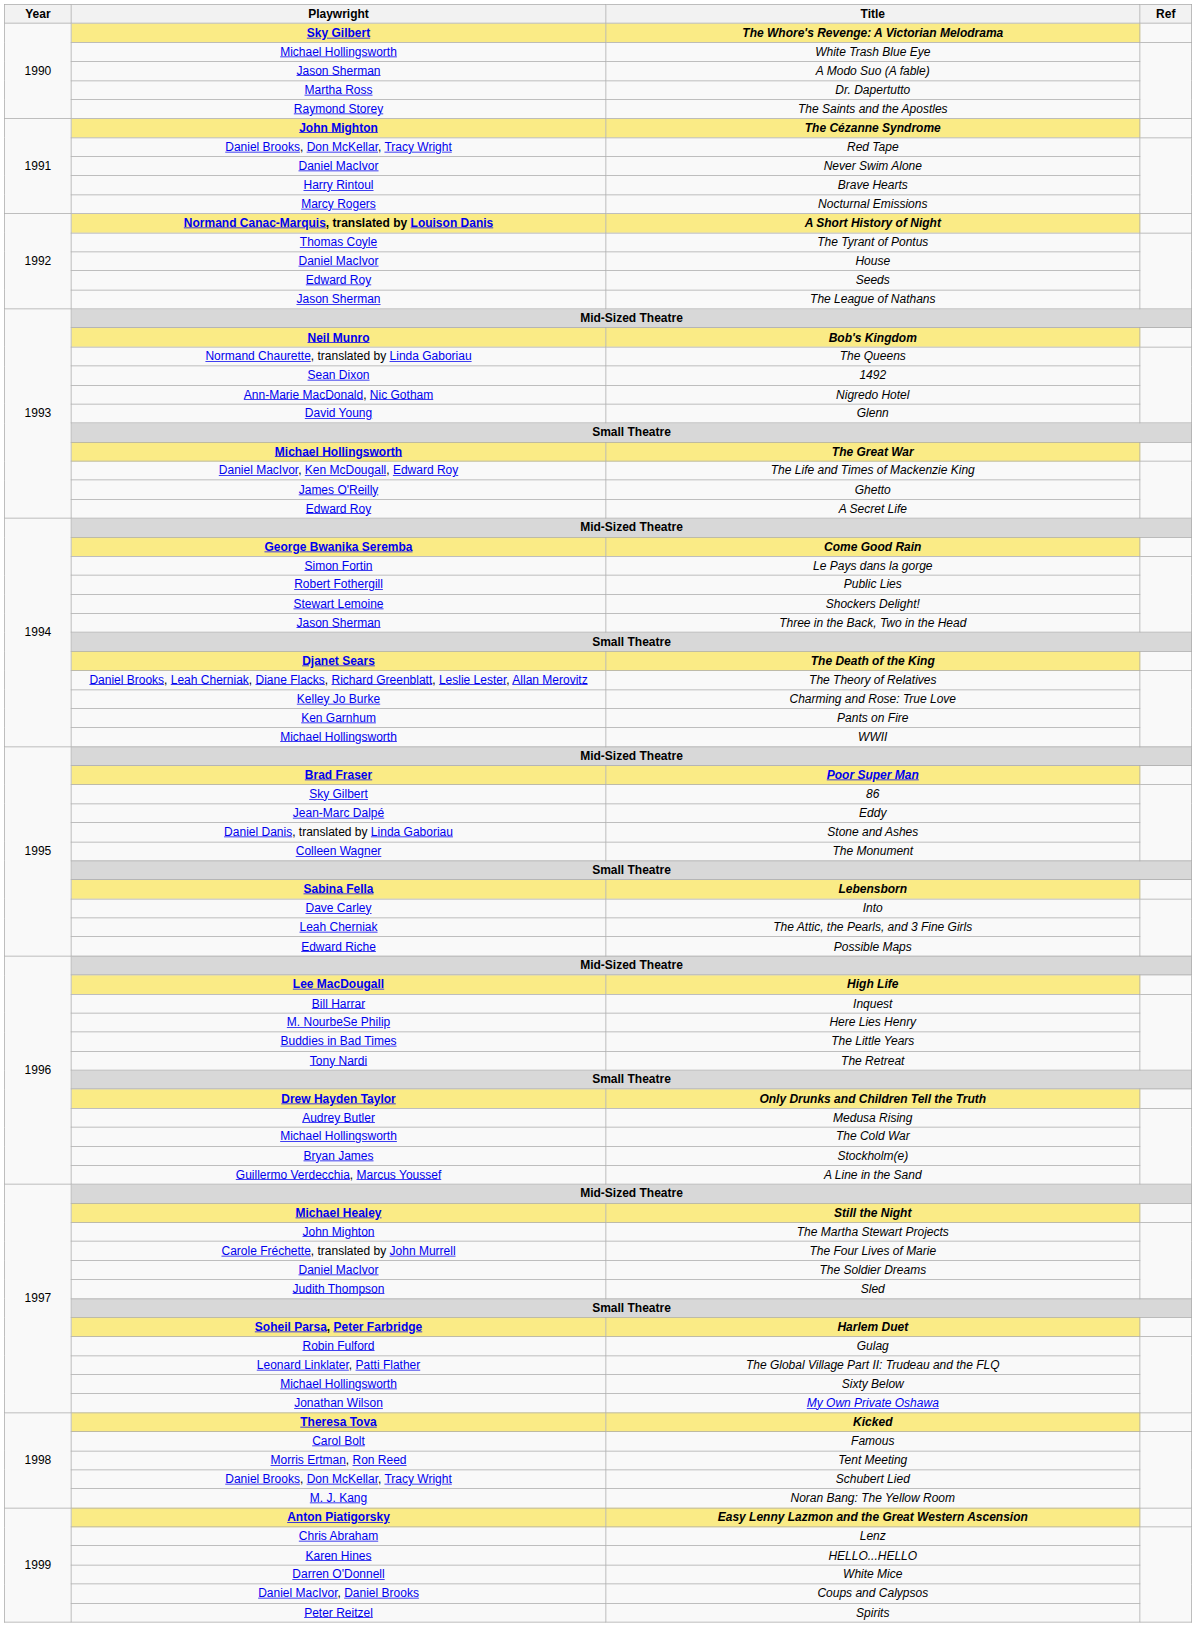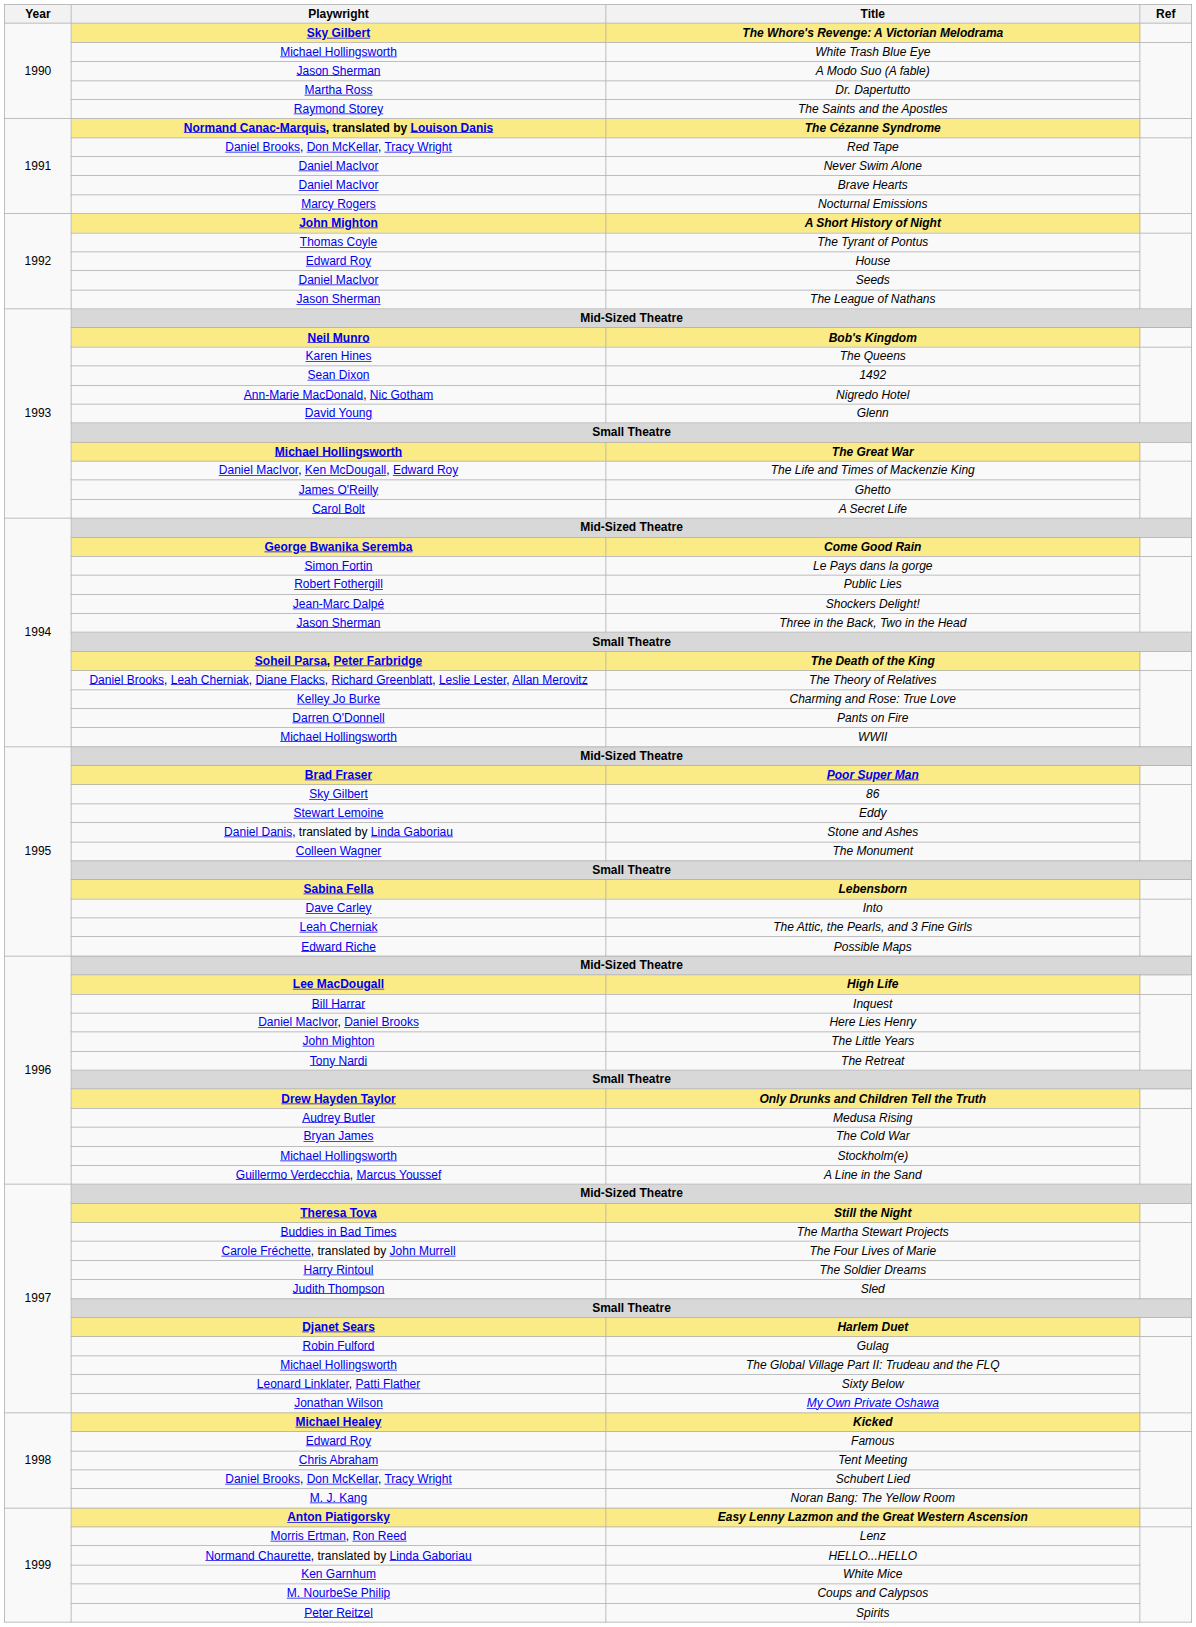 <table class="wikitable" width="100%" style="text-align:center;">
 <tr>
 <th>Year</th>
 <th width="45%">Playwright</th>
 <th width="45%">Title</th>
 <th>Ref</th>
 </tr>
 <tr>
 <td rowspan=5>1990</td>
 <td style="background:#FAEB86"><strong><a href='#'>Sky Gilbert</a></strong></td>
 <td style="background:#FAEB86"><strong><em>The Whore's Revenge: A Victorian Melodrama</em></strong></td>
 <td></td>
 </tr>
 <tr>
 <td><a href='#'>Michael Hollingsworth</a></td>
 <td><em>White Trash Blue Eye</em></td>
 <td rowspan=4></td>
 </tr>
 <tr>
 <td><a href='#'>Jason Sherman</a></td>
 <td><em>A Modo Suo (A fable)</em></td>
 </tr>
 <tr>
 <td><a href='#'>Martha Ross</a></td>
 <td><em>Dr. Dapertutto</em></td>
 </tr>
 <tr>
 <td><a href='#'>Raymond Storey</a></td>
 <td><em>The Saints and the Apostles</em></td>
 </tr>
 <tr>
 <td rowspan=5>1991</td>
-<td style="background:#FAEB86"><strong><a href='#'>John Mighton</a></strong></td>
+<td style="background:#FAEB86"><strong><a href='#'>Normand Canac-Marquis</a>, translated by <a href='#'>Louison Danis</a></strong></td>
 <td style="background:#FAEB86"><strong><em>The Cézanne Syndrome</em></strong></td>
 <td></td>
 </tr>
 <tr>
 <td><a href='#'>Daniel Brooks</a>, <a href='#'>Don McKellar</a>, <a href='#'>Tracy Wright</a></td>
 <td><em>Red Tape</em></td>
 <td rowspan=4></td>
 </tr>
 <tr>
 <td><a href='#'>Daniel MacIvor</a></td>
 <td><em>Never Swim Alone</em></td>
 </tr>
 <tr>
-<td><a href='#'>Harry Rintoul</a></td>
+<td><a href='#'>Daniel MacIvor</a></td>
 <td><em>Brave Hearts</em></td>
 </tr>
 <tr>
 <td><a href='#'>Marcy Rogers</a></td>
 <td><em>Nocturnal Emissions</em></td>
 </tr>
 <tr>
 <td rowspan=5>1992</td>
-<td style="background:#FAEB86"><strong><a href='#'>Normand Canac-Marquis</a>, translated by <a href='#'>Louison Danis</a></strong></td>
+<td style="background:#FAEB86"><strong><a href='#'>John Mighton</a></strong></td>
 <td style="background:#FAEB86"><strong><em>A Short History of Night</em></strong></td>
 <td></td>
 </tr>
 <tr>
 <td><a href='#'>Thomas Coyle</a></td>
 <td><em>The Tyrant of Pontus</em></td>
 <td rowspan=4></td>
 </tr>
 <tr>
-<td><a href='#'>Daniel MacIvor</a></td>
+<td><a href='#'>Edward Roy</a></td>
 <td><em>House</em></td>
 </tr>
 <tr>
-<td><a href='#'>Edward Roy</a></td>
+<td><a href='#'>Daniel MacIvor</a></td>
 <td><em>Seeds</em></td>
 </tr>
 <tr>
 <td><a href='#'>Jason Sherman</a></td>
 <td><em>The League of Nathans</em></td>
 </tr>
 <tr>
 <td rowspan=11>1993</td>
 <td colspan=3 align=center style="background:#D8D8D8;"><strong>Mid-Sized Theatre</strong></td>
 </tr>
 <tr>
 <td style="background:#FAEB86"><strong><a href='#'>Neil Munro</a></strong></td>
 <td style="background:#FAEB86"><strong><em>Bob's Kingdom</em></strong></td>
 <td></td>
 </tr>
 <tr>
-<td><a href='#'>Normand Chaurette</a>, translated by <a href='#'>Linda Gaboriau</a></td>
+<td><a href='#'>Karen Hines</a></td>
 <td><em>The Queens</em></td>
 <td rowspan=4></td>
 </tr>
 <tr>
 <td><a href='#'>Sean Dixon</a></td>
 <td><em>1492</em></td>
 </tr>
 <tr>
 <td><a href='#'>Ann-Marie MacDonald</a>, <a href='#'>Nic Gotham</a></td>
 <td><em>Nigredo Hotel</em></td>
 </tr>
 <tr>
 <td><a href='#'>David Young</a></td>
 <td><em>Glenn</em></td>
 </tr>
 <tr>
 <td colspan=3 align=center style="background:#D8D8D8;"><strong>Small Theatre</strong></td>
 </tr>
 <tr>
 <td style="background:#FAEB86"><strong><a href='#'>Michael Hollingsworth</a></strong></td>
 <td style="background:#FAEB86"><strong><em>The Great War</em></strong></td>
 <td></td>
 </tr>
 <tr>
 <td><a href='#'>Daniel MacIvor</a>, <a href='#'>Ken McDougall</a>, <a href='#'>Edward Roy</a></td>
 <td><em>The Life and Times of Mackenzie King</em></td>
 <td rowspan=3></td>
 </tr>
 <tr>
 <td><a href='#'>James O'Reilly</a></td>
 <td><em>Ghetto</em></td>
 </tr>
 <tr>
-<td><a href='#'>Edward Roy</a></td>
+<td><a href='#'>Carol Bolt</a></td>
 <td><em>A Secret Life</em></td>
 </tr>
 <tr>
 <td rowspan=12>1994</td>
 <td colspan=3 align=center style="background:#D8D8D8;"><strong>Mid-Sized Theatre</strong></td>
 </tr>
 <tr>
 <td style="background:#FAEB86"><strong><a href='#'>George Bwanika Seremba</a></strong></td>
 <td style="background:#FAEB86"><strong><em>Come Good Rain</em></strong></td>
 <td></td>
 </tr>
 <tr>
 <td><a href='#'>Simon Fortin</a></td>
 <td><em>Le Pays dans la gorge</em></td>
 <td rowspan=4></td>
 </tr>
 <tr>
 <td><a href='#'>Robert Fothergill</a></td>
 <td><em>Public Lies</em></td>
 </tr>
 <tr>
-<td><a href='#'>Stewart Lemoine</a></td>
+<td><a href='#'>Jean-Marc Dalpé</a></td>
 <td><em>Shockers Delight!</em></td>
 </tr>
 <tr>
 <td><a href='#'>Jason Sherman</a></td>
 <td><em>Three in the Back, Two in the Head</em></td>
 </tr>
 <tr>
 <td colspan=3 align=center style="background:#D8D8D8;"><strong>Small Theatre</strong></td>
 </tr>
 <tr>
-<td style="background:#FAEB86"><strong><a href='#'>Djanet Sears</a></strong></td>
+<td style="background:#FAEB86"><strong><a href='#'>Soheil Parsa</a>, <a href='#'>Peter Farbridge</a></strong></td>
 <td style="background:#FAEB86"><strong><em>The Death of the King</em></strong></td>
 <td></td>
 </tr>
 <tr>
 <td><a href='#'>Daniel Brooks</a>, <a href='#'>Leah Cherniak</a>, <a href='#'>Diane Flacks</a>, <a href='#'>Richard Greenblatt</a>, <a href='#'>Leslie Lester</a>, <a href='#'>Allan Merovitz</a></td>
 <td><em>The Theory of Relatives</em></td>
 <td rowspan=4></td>
 </tr>
 <tr>
 <td><a href='#'>Kelley Jo Burke</a></td>
 <td><em>Charming and Rose: True Love</em></td>
 </tr>
 <tr>
-<td><a href='#'>Ken Garnhum</a></td>
+<td><a href='#'>Darren O'Donnell</a></td>
 <td><em>Pants on Fire</em></td>
 </tr>
 <tr>
 <td><a href='#'>Michael Hollingsworth</a></td>
 <td><em>WWII</em></td>
 </tr>
 <tr>
 <td rowspan=11>1995</td>
 <td colspan=3 align=center style="background:#D8D8D8;"><strong>Mid-Sized Theatre</strong></td>
 </tr>
 <tr>
 <td style="background:#FAEB86"><strong><a href='#'>Brad Fraser</a></strong></td>
 <td style="background:#FAEB86"><strong><em><a href='#'>Poor Super Man</a></em></strong></td>
 <td></td>
 </tr>
 <tr>
 <td><a href='#'>Sky Gilbert</a></td>
 <td><em>86</em></td>
 <td rowspan=4></td>
 </tr>
 <tr>
-<td><a href='#'>Jean-Marc Dalpé</a></td>
+<td><a href='#'>Stewart Lemoine</a></td>
 <td><em>Eddy</em></td>
 </tr>
 <tr>
 <td><a href='#'>Daniel Danis</a>, translated by <a href='#'>Linda Gaboriau</a></td>
 <td><em>Stone and Ashes</em></td>
 </tr>
 <tr>
 <td><a href='#'>Colleen Wagner</a></td>
 <td><em>The Monument</em></td>
 </tr>
 <tr>
 <td colspan=3 align=center style="background:#D8D8D8;"><strong>Small Theatre</strong></td>
 </tr>
 <tr>
 <td style="background:#FAEB86"><strong><a href='#'>Sabina Fella</a></strong></td>
 <td style="background:#FAEB86"><strong><em>Lebensborn</em></strong></td>
 <td></td>
 </tr>
 <tr>
 <td><a href='#'>Dave Carley</a></td>
 <td><em>Into</em></td>
 <td rowspan=3></td>
 </tr>
 <tr>
 <td><a href='#'>Leah Cherniak</a></td>
 <td><em>The Attic, the Pearls, and 3 Fine Girls</em></td>
 </tr>
 <tr>
 <td><a href='#'>Edward Riche</a></td>
 <td><em>Possible Maps</em></td>
 </tr>
 <tr>
 <td rowspan=12>1996</td>
 <td colspan=3 align=center style="background:#D8D8D8;"><strong>Mid-Sized Theatre</strong></td>
 </tr>
 <tr>
 <td style="background:#FAEB86"><strong><a href='#'>Lee MacDougall</a></strong></td>
 <td style="background:#FAEB86"><strong><em>High Life</em></strong></td>
 <td></td>
 </tr>
 <tr>
 <td><a href='#'>Bill Harrar</a></td>
 <td><em>Inquest</em></td>
 <td rowspan=4></td>
 </tr>
 <tr>
-<td><a href='#'>M. NourbeSe Philip</a></td>
+<td><a href='#'>Daniel MacIvor</a>, <a href='#'>Daniel Brooks</a></td>
 <td><em>Here Lies Henry</em></td>
 </tr>
 <tr>
-<td><a href='#'>Buddies in Bad Times</a></td>
+<td><a href='#'>John Mighton</a></td>
 <td><em>The Little Years</em></td>
 </tr>
 <tr>
 <td><a href='#'>Tony Nardi</a></td>
 <td><em>The Retreat</em></td>
 </tr>
 <tr>
 <td colspan=3 align=center style="background:#D8D8D8;"><strong>Small Theatre</strong></td>
 </tr>
 <tr>
 <td style="background:#FAEB86"><strong><a href='#'>Drew Hayden Taylor</a></strong></td>
 <td style="background:#FAEB86"><strong><em>Only Drunks and Children Tell the Truth</em></strong></td>
 <td></td>
 </tr>
 <tr>
 <td><a href='#'>Audrey Butler</a></td>
 <td><em>Medusa Rising</em></td>
 <td rowspan=4></td>
 </tr>
 <tr>
-<td><a href='#'>Michael Hollingsworth</a></td>
+<td><a href='#'>Bryan James</a></td>
 <td><em>The Cold War</em></td>
 </tr>
 <tr>
-<td><a href='#'>Bryan James</a></td>
+<td><a href='#'>Michael Hollingsworth</a></td>
 <td><em>Stockholm(e)</em></td>
 </tr>
 <tr>
 <td><a href='#'>Guillermo Verdecchia</a>, <a href='#'>Marcus Youssef</a></td>
 <td><em>A Line in the Sand</em></td>
 </tr>
 <tr>
 <td rowspan=12>1997</td>
 <td colspan=3 align=center style="background:#D8D8D8;"><strong>Mid-Sized Theatre</strong></td>
 </tr>
 <tr>
-<td style="background:#FAEB86"><strong><a href='#'>Michael Healey</a></strong></td>
+<td style="background:#FAEB86"><strong><a href='#'>Theresa Tova</a></strong></td>
 <td style="background:#FAEB86"><strong><em>Still the Night</em></strong></td>
 <td></td>
 </tr>
 <tr>
-<td><a href='#'>John Mighton</a></td>
+<td><a href='#'>Buddies in Bad Times</a></td>
 <td><em>The Martha Stewart Projects</em></td>
 <td rowspan=4></td>
 </tr>
 <tr>
 <td><a href='#'>Carole Fréchette</a>, translated by <a href='#'>John Murrell</a></td>
 <td><em>The Four Lives of Marie</em></td>
 </tr>
 <tr>
-<td><a href='#'>Daniel MacIvor</a></td>
+<td><a href='#'>Harry Rintoul</a></td>
 <td><em>The Soldier Dreams</em></td>
 </tr>
 <tr>
 <td><a href='#'>Judith Thompson</a></td>
 <td><em>Sled</em></td>
 </tr>
 <tr>
 <td colspan=3 align=center style="background:#D8D8D8;"><strong>Small Theatre</strong></td>
 </tr>
 <tr>
-<td style="background:#FAEB86"><strong><a href='#'>Soheil Parsa</a>, <a href='#'>Peter Farbridge</a></strong></td>
+<td style="background:#FAEB86"><strong><a href='#'>Djanet Sears</a></strong></td>
 <td style="background:#FAEB86"><strong><em>Harlem Duet</em></strong></td>
 <td></td>
 </tr>
 <tr>
 <td><a href='#'>Robin Fulford</a></td>
 <td><em>Gulag</em></td>
 <td rowspan=4></td>
 </tr>
 <tr>
-<td><a href='#'>Leonard Linklater</a>, <a href='#'>Patti Flather</a></td>
+<td><a href='#'>Michael Hollingsworth</a></td>
 <td><em>The Global Village Part II: Trudeau and the FLQ</em></td>
 </tr>
 <tr>
-<td><a href='#'>Michael Hollingsworth</a></td>
+<td><a href='#'>Leonard Linklater</a>, <a href='#'>Patti Flather</a></td>
 <td><em>Sixty Below</em></td>
 </tr>
 <tr>
 <td><a href='#'>Jonathan Wilson</a></td>
 <td><em><a href='#'>My Own Private Oshawa</a></em></td>
 </tr>
 <tr>
 <td rowspan=5>1998</td>
-<td style="background:#FAEB86"><strong><a href='#'>Theresa Tova</a></strong></td>
+<td style="background:#FAEB86"><strong><a href='#'>Michael Healey</a></strong></td>
 <td style="background:#FAEB86"><strong><em>Kicked</em></strong></td>
 <td></td>
 </tr>
 <tr>
-<td><a href='#'>Carol Bolt</a></td>
+<td><a href='#'>Edward Roy</a></td>
 <td><em>Famous</em></td>
 <td rowspan=4></td>
 </tr>
 <tr>
-<td><a href='#'>Morris Ertman</a>, <a href='#'>Ron Reed</a></td>
+<td><a href='#'>Chris Abraham</a></td>
 <td><em>Tent Meeting</em></td>
 </tr>
 <tr>
 <td><a href='#'>Daniel Brooks</a>, <a href='#'>Don McKellar</a>, <a href='#'>Tracy Wright</a></td>
 <td><em>Schubert Lied</em></td>
 </tr>
 <tr>
 <td><a href='#'>M. J. Kang</a></td>
 <td><em>Noran Bang: The Yellow Room</em></td>
 </tr>
 <tr>
 <td rowspan=6>1999</td>
 <td style="background:#FAEB86"><strong><a href='#'>Anton Piatigorsky</a></strong></td>
 <td style="background:#FAEB86"><strong><em>Easy Lenny Lazmon and the Great Western Ascension</em></strong></td>
 <td></td>
 </tr>
 <tr>
-<td><a href='#'>Chris Abraham</a></td>
+<td><a href='#'>Morris Ertman</a>, <a href='#'>Ron Reed</a></td>
 <td><em>Lenz</em></td>
 <td rowspan=5></td>
 </tr>
 <tr>
-<td><a href='#'>Karen Hines</a></td>
+<td><a href='#'>Normand Chaurette</a>, translated by <a href='#'>Linda Gaboriau</a></td>
 <td><em>HELLO...HELLO</em></td>
 </tr>
 <tr>
-<td><a href='#'>Darren O'Donnell</a></td>
+<td><a href='#'>Ken Garnhum</a></td>
 <td><em>White Mice</em></td>
 </tr>
 <tr>
-<td><a href='#'>Daniel MacIvor</a>, <a href='#'>Daniel Brooks</a></td>
+<td><a href='#'>M. NourbeSe Philip</a></td>
 <td><em>Coups and Calypsos</em></td>
 </tr>
 <tr>
 <td><a href='#'>Peter Reitzel</a></td>
 <td><em>Spirits</em></td>
 </tr>
 </table>
